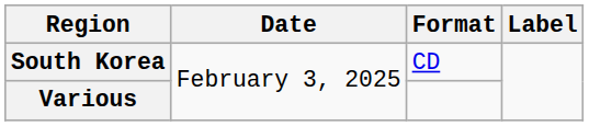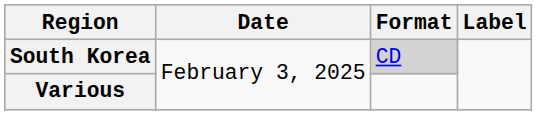 <table class="wikitable plainrowheaders">
 <tr>
 <th scope="col">Region</th>
 <th scope="col">Date</th>
 <th scope="col">Format</th>
 <th scope="col">Label</th>
 </tr>
 <tr>
 <th scope="row">South Korea</th>
 <td rowspan="2">February 3, 2025</td>
-<td><a href='#'>CD</a></td>
+<td style="background: lightgrey;"><a href='#'>CD</a></td>
 <td rowspan="2"></td>
 </tr>
 <tr>
 <th scope="row">Various </th>
 <td></td>
 </tr>
 </table>
